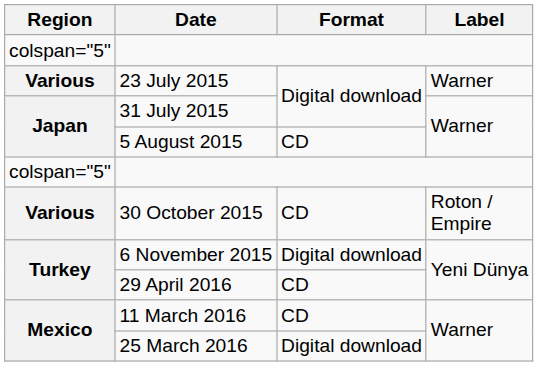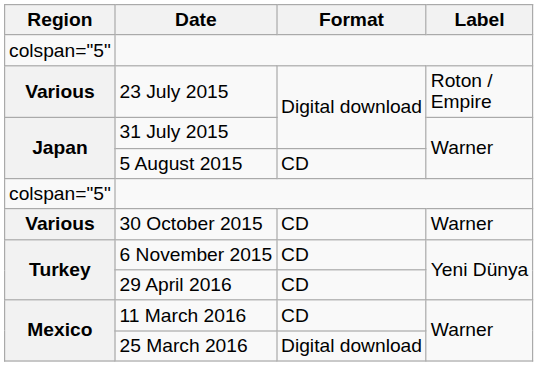 <table class="wikitable plainrowheaders">
 <tr>
 <th>Region</th>
 <th>Date</th>
 <th>Format</th>
 <th>Label</th>
 </tr>
 <tr>
 <td>colspan="5" </td>
 </tr>
 <tr>
 <th scope="row">Various</th>
 <td>23 July 2015</td>
 <td rowspan="2">Digital download</td>
-<td>Warner</td>
+<td>Roton /<br>Empire</td>
 </tr>
 <tr>
 <th scope="row" rowspan="2">Japan</th>
 <td>31 July 2015</td>
 <td rowspan="2">Warner</td>
 </tr>
 <tr>
 <td>5 August 2015</td>
 <td>CD</td>
 </tr>
 <tr>
 <td>colspan="5" </td>
 </tr>
 <tr>
 <th scope="row">Various</th>
 <td>30 October 2015</td>
 <td>CD</td>
-<td>Roton /<br>Empire</td>
+<td>Warner</td>
 </tr>
 <tr>
 <th scope="row" rowspan="2">Turkey</th>
 <td>6 November 2015</td>
-<td>Digital download</td>
+<td>CD</td>
 <td rowspan="2">Yeni Dünya</td>
 </tr>
 <tr>
 <td>29 April 2016</td>
 <td>CD</td>
 </tr>
 <tr>
 <th scope="row" rowspan="2">Mexico</th>
 <td>11 March 2016</td>
 <td>CD</td>
 <td rowspan="2">Warner</td>
 </tr>
 <tr>
 <td>25 March 2016</td>
 <td>Digital download</td>
 </tr>
 </table>
